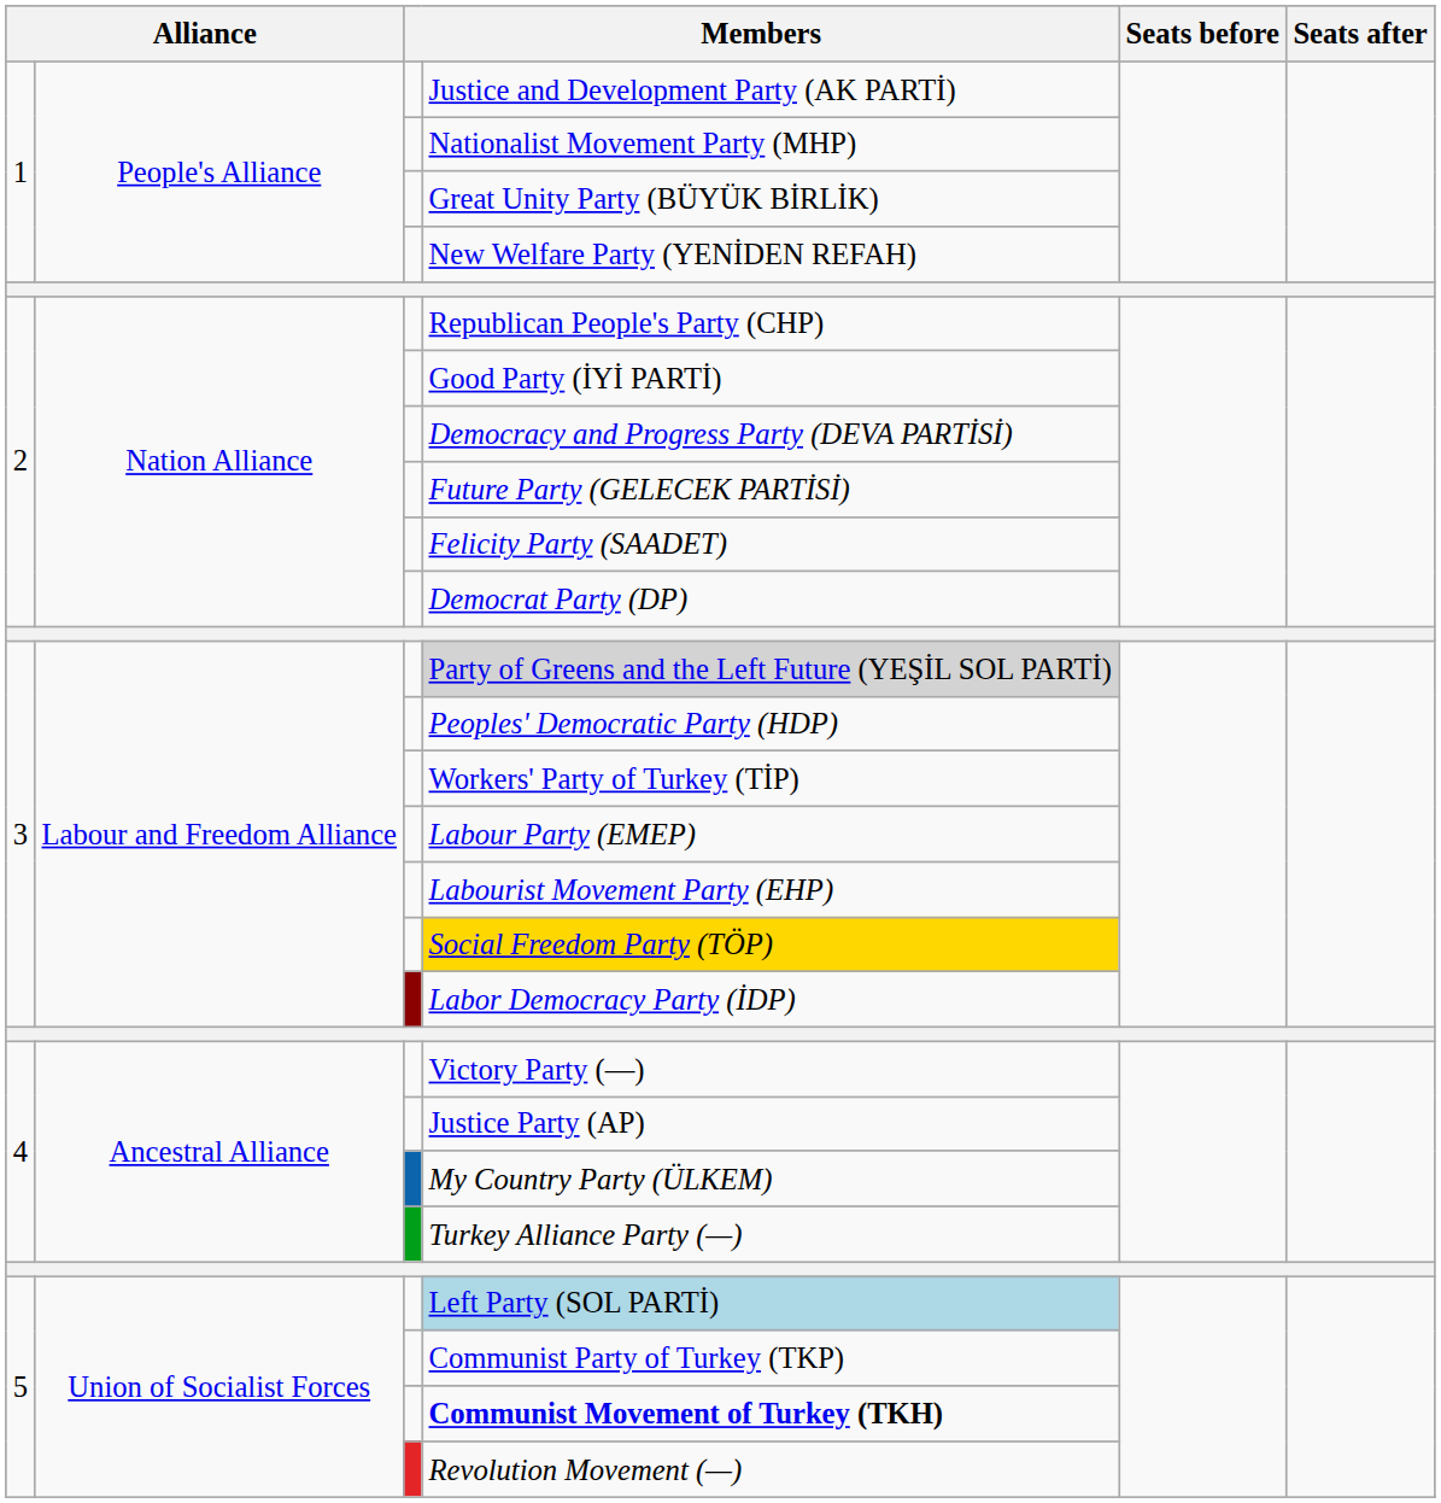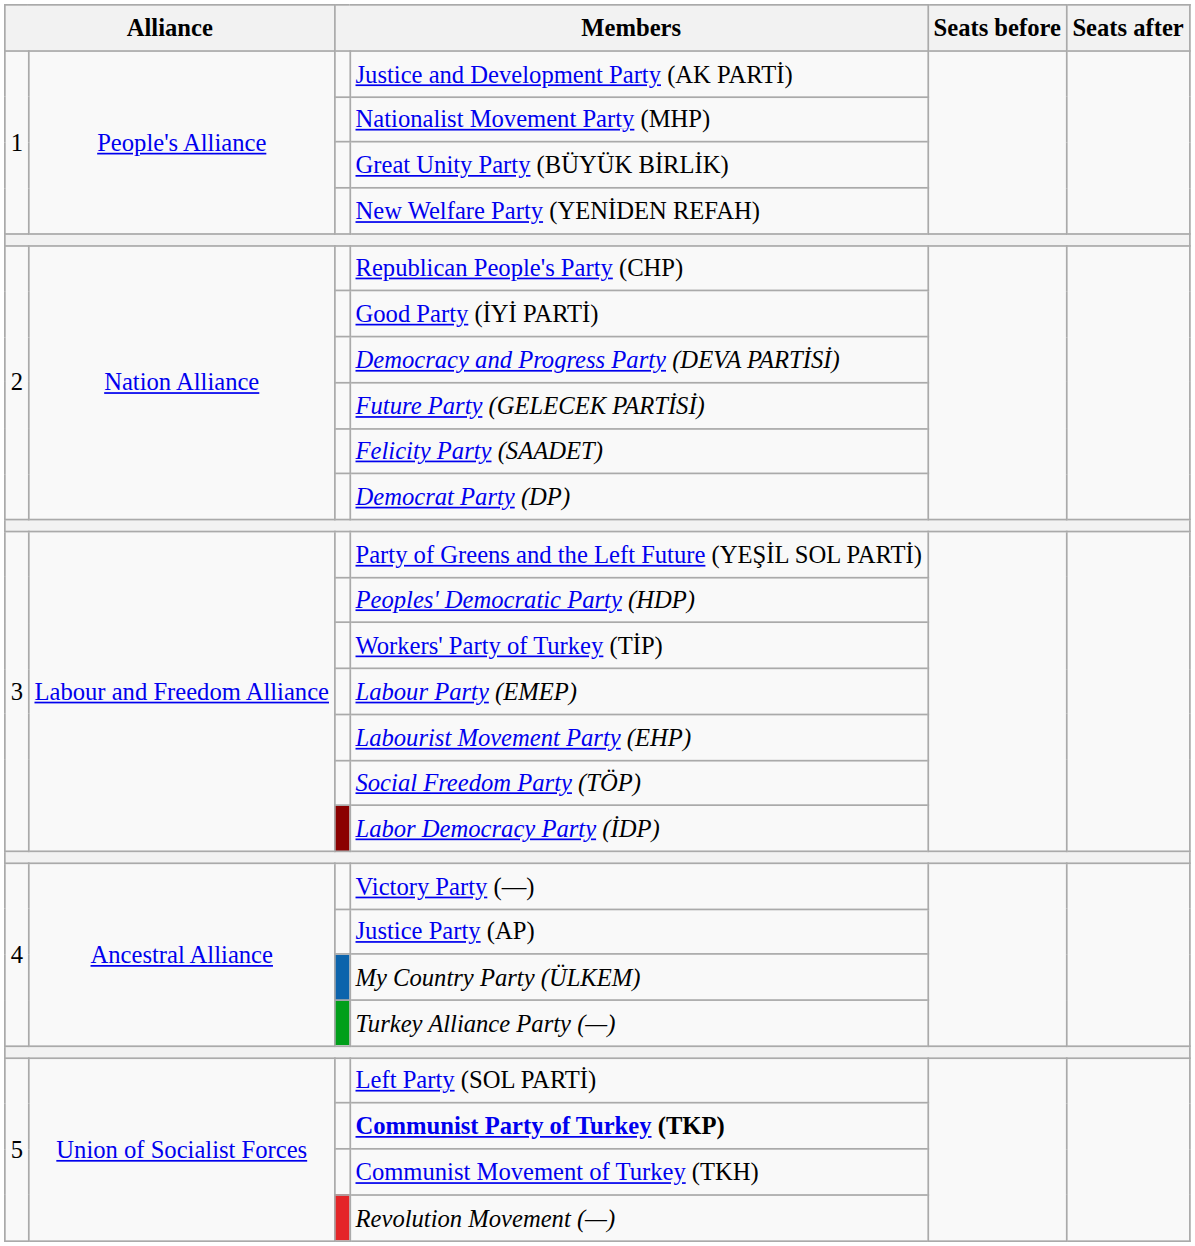 <table class="wikitable" style="text-align:left;  font-size:90%; line-height:20px;">
 <tr>
 <th colspan="2">Alliance</th>
 <th colspan="2">Members</th>
 <th colspan="1">Seats before</th>
 <th colspan="1">Seats after</th>
 </tr>
 <tr>
 <td rowspan="4" style="text-align:center;">1</td>
 <td rowspan="4" style="text-align:center;"><a href='#'>People's Alliance</a></td>
 <td style="background:"></td>
 <td><a href='#'>Justice and Development Party</a> (AK PARTİ)</td>
 <td rowspan="4" style="text-align:center;"></td>
 <td rowspan="4" style="text-align:center;"></td>
 </tr>
 <tr>
 <td style="background:"></td>
 <td><a href='#'>Nationalist Movement Party</a> (MHP)</td>
 </tr>
 <tr>
 <td style="background:"></td>
 <td><a href='#'>Great Unity Party</a> (BÜYÜK BİRLİK)</td>
 </tr>
 <tr>
 <td style="background:"></td>
 <td><a href='#'>New Welfare Party</a> (YENİDEN REFAH)</td>
 </tr>
 <tr>
 <th colspan="6"></th>
 </tr>
 <tr>
 <td rowspan="6" style="text-align:center;">2</td>
 <td rowspan="6" style="text-align:center;"><a href='#'>Nation Alliance</a></td>
 <td style="background:"></td>
 <td><a href='#'>Republican People's Party</a> (CHP)</td>
 <td rowspan="6" style="text-align:center;"></td>
 <td rowspan="6" style="text-align:center;"></td>
 </tr>
 <tr>
 <td style="background:"></td>
 <td><a href='#'>Good Party</a> (İYİ PARTİ)</td>
 </tr>
 <tr>
 <td style="background:"></td>
 <td><em><a href='#'>Democracy and Progress Party</a> (DEVA PARTİSİ)</em></td>
 </tr>
 <tr>
 <td style="background:"></td>
 <td><em><a href='#'>Future Party</a> (GELECEK PARTİSİ)</em></td>
 </tr>
 <tr>
 <td style="background:"></td>
 <td><em><a href='#'>Felicity Party</a> (SAADET)</em></td>
 </tr>
 <tr>
 <td style="background:"></td>
 <td><em><a href='#'>Democrat Party</a> (DP)</em></td>
 </tr>
 <tr>
 <th colspan="6"></th>
 </tr>
 <tr>
 <td rowspan="7">3</td>
 <td rowspan="7"><a href='#'>Labour and Freedom Alliance</a></td>
 <td style="background:"></td>
-<td style="background: lightgrey;"><a href='#'>Party of Greens and the Left Future</a> (YEŞİL SOL PARTİ)</td>
+<td><a href='#'>Party of Greens and the Left Future</a> (YEŞİL SOL PARTİ)</td>
 <td rowspan="7"></td>
 <td rowspan="7"></td>
 </tr>
 <tr>
 <td style="background:"></td>
 <td><em><a href='#'>Peoples' Democratic Party</a> (HDP)</em></td>
 </tr>
 <tr>
 <td style="background:"></td>
 <td><a href='#'>Workers' Party of Turkey</a> (TİP)</td>
 </tr>
 <tr>
 <td style="background:"></td>
 <td><em><a href='#'>Labour Party</a> (EMEP)</em></td>
 </tr>
 <tr>
 <td style="background:"></td>
 <td><em><a href='#'>Labourist Movement Party</a> (EHP)</em></td>
 </tr>
 <tr>
 <td style="background:"></td>
-<td style="background: gold;"><em><a href='#'>Social Freedom Party</a> (TÖP)</em></td>
+<td><em><a href='#'>Social Freedom Party</a> (TÖP)</em></td>
 </tr>
 <tr>
 <td style="background:darkred; width:2px;"></td>
 <td><em><a href='#'>Labor Democracy Party</a> (İDP)</em></td>
 </tr>
 <tr>
 <th colspan="6"></th>
 </tr>
 <tr>
 <td rowspan="4" style="text-align:center;">4</td>
 <td rowspan="4" style="text-align:center;"><a href='#'>Ancestral Alliance</a></td>
 <td style="background:"></td>
 <td><a href='#'>Victory Party</a> (—)</td>
 <td rowspan="4" style="text-align:center;"></td>
 <td rowspan="4" style="text-align:center;"></td>
 </tr>
 <tr>
 <td style="background:"></td>
 <td><a href='#'>Justice Party</a> (AP)</td>
 </tr>
 <tr>
 <td style="background:#0C64AC; width:2px;"></td>
 <td><em>My Country Party (ÜLKEM)</em></td>
 </tr>
 <tr>
 <td style="background:#009F1A; width:2px;"></td>
 <td><em>Turkey Alliance Party (—)</em></td>
 </tr>
 <tr>
 <th colspan="6"></th>
 </tr>
 <tr>
 <td rowspan="4" style="text-align:center;">5</td>
 <td rowspan="4" style="text-align:center;"><a href='#'>Union of Socialist Forces</a></td>
 <td style="background:"></td>
-<td style="background: lightblue;"><a href='#'>Left Party</a> (SOL PARTİ)</td>
+<td><a href='#'>Left Party</a> (SOL PARTİ)</td>
 <td rowspan="4" style="text-align:center;"></td>
 <td rowspan="4" style="text-align:center;"></td>
 </tr>
 <tr>
 <td style="background:"></td>
-<td><a href='#'>Communist Party of Turkey</a> (TKP)</td>
+<td><strong><a href='#'>Communist Party of Turkey</a> (TKP)</strong></td>
 </tr>
 <tr>
 <td style="background-color:"></td>
-<td><strong><a href='#'>Communist Movement of Turkey</a> (TKH)</strong></td>
+<td><a href='#'>Communist Movement of Turkey</a> (TKH)</td>
 </tr>
 <tr>
 <td style="background-color:#E42528; width:2px;"></td>
 <td><em>Revolution Movement (—)</em></td>
 </tr>
 </table>
